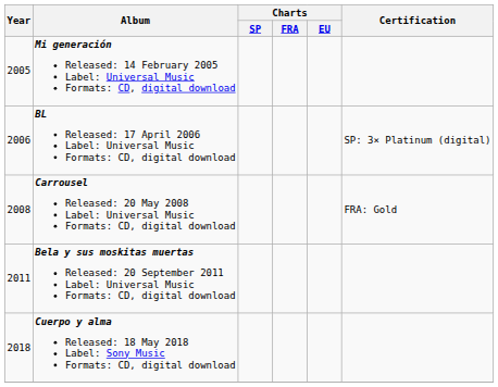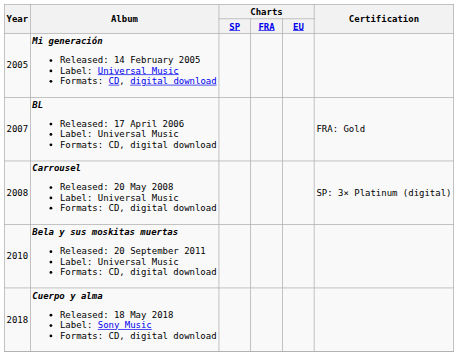 <table class="wikitable" style="text-align:left;">
 <tr>
 <th rowspan="2">Year</th>
 <th rowspan="2">Album</th>
 <th colspan="3">Charts</th>
 <th rowspan="2">Certification</th>
 </tr>
 <tr>
 <th width="40"><a href='#'>SP</a></th>
 <th width="40"><a href='#'>FRA</a></th>
 <th width="40"><a href='#'>EU</a></th>
 </tr>
 <tr>
 <td>2005</td>
 <td><strong><em>Mi generación</em></strong><br><ul><li>Released: 14 February 2005</li><li>Label: <a href='#'>Universal Music</a></li><li>Formats: <a href='#'>CD</a>, <a href='#'>digital download</a></li></ul></td>
 <td></td>
 <td></td>
 <td></td>
 <td></td>
 </tr>
 <tr>
-<td>2006</td>
+<td>2007</td>
 <td><strong><em>BL</em></strong><br><ul><li>Released: 17 April 2006</li><li>Label: Universal Music</li><li>Formats: CD, digital download</li></ul></td>
 <td></td>
 <td></td>
 <td></td>
-<td>SP: 3× Platinum (digital)</td>
+<td>FRA: Gold</td>
 </tr>
 <tr>
 <td>2008</td>
 <td><strong><em>Carrousel</em></strong><br><ul><li>Released: 20 May 2008</li><li>Label: Universal Music</li><li>Formats: CD, digital download</li></ul></td>
 <td></td>
 <td></td>
 <td></td>
-<td>FRA: Gold</td>
+<td>SP: 3× Platinum (digital)</td>
 </tr>
 <tr>
-<td>2011</td>
+<td>2010</td>
 <td><strong><em>Bela y sus moskitas muertas</em></strong><br><ul><li>Released: 20 September 2011</li><li>Label: Universal Music</li><li>Formats: CD, digital download</li></ul></td>
 <td></td>
 <td></td>
 <td></td>
 <td></td>
 </tr>
 <tr>
 <td>2018</td>
 <td><strong><em>Cuerpo y alma</em></strong><br><ul><li>Released: 18 May 2018</li><li>Label: <a href='#'>Sony Music</a></li><li>Formats: CD, digital download</li></ul></td>
 <td></td>
 <td></td>
 <td></td>
 <td></td>
 </tr>
 <tr>
 </tr>
 </table>
